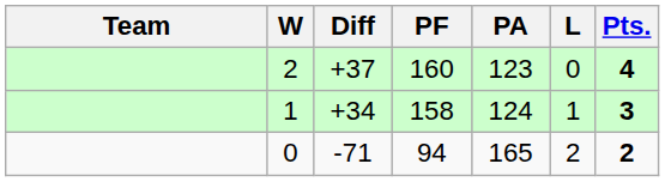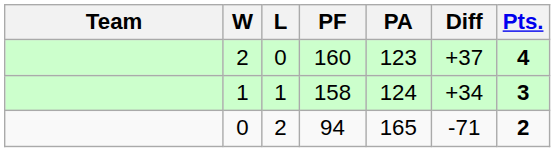 <table class=wikitable>
 <tr align=center>
 <th width=150px>Team</th>
 <th width=20px>W</th>
-<th width=40px>Diff</th>
+<th width=20px>L</th>
 <th width=40px>PF</th>
 <th width=40px>PA</th>
-<th width=20px>L</th>
+<th width=40px>Diff</th>
 <th width=30px><a href='#'>Pts.</a></th>
 </tr>
 <tr align=center bgcolor="#ccffcc">
 <td align=left></td>
 <td>2</td>
-<td>+37</td>
+<td>0</td>
 <td>160</td>
 <td>123</td>
-<td>0</td>
+<td>+37</td>
 <td><strong>4</strong></td>
 </tr>
 <tr align=center bgcolor="#ccffcc">
 <td align=left></td>
 <td>1</td>
-<td>+34</td>
+<td>1</td>
 <td>158</td>
 <td>124</td>
-<td>1</td>
+<td>+34</td>
 <td><strong>3</strong></td>
 </tr>
 <tr align=center>
 <td align=left></td>
 <td>0</td>
-<td>-71</td>
+<td>2</td>
 <td>94</td>
 <td>165</td>
-<td>2</td>
+<td>-71</td>
 <td><strong>2</strong></td>
 </tr>
 </table>
